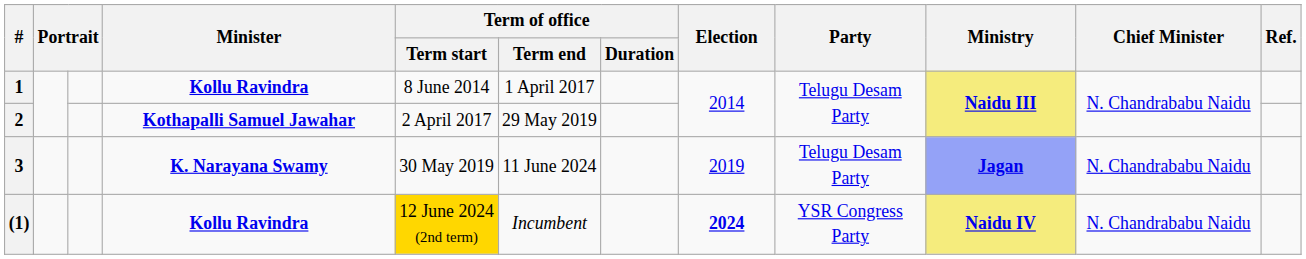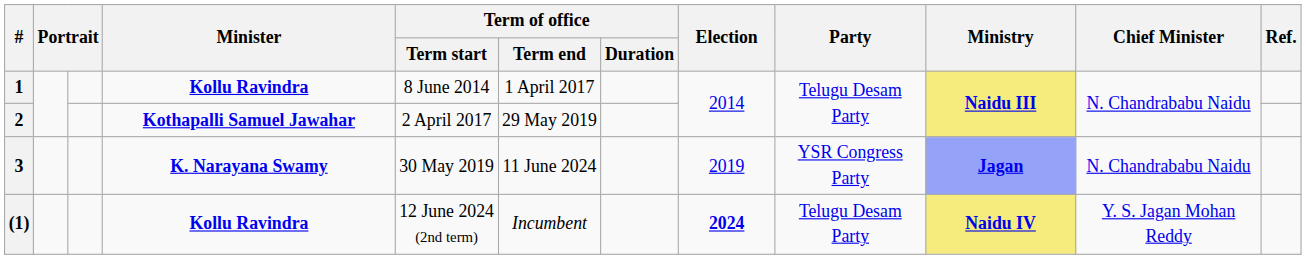 <table class="wikitable" style="line-height:1.4em; text-align:center">
 <tr>
 <th rowspan=2>#</th>
 <th rowspan=2 colspan="2">Portrait</th>
 <th rowspan=2 style="width:16em">Minister<br></th>
 <th colspan="3">Term of office</th>
 <th rowspan=2 style="width:5em">Election<br></th>
 <th rowspan=2 style="width:8em">Party</th>
 <th rowspan=2 style="width:8em">Ministry</th>
 <th rowspan=2 style="width:10em">Chief Minister</th>
 <th rowspan=2>Ref.</th>
 </tr>
 <tr>
 <th>Term start</th>
 <th>Term end</th>
 <th>Duration</th>
 </tr>
 <tr>
 <th>1</th>
 <td rowspan=2></td>
 <td></td>
 <td><strong><a href='#'>Kollu Ravindra</a></strong><br></td>
 <td>8 June 2014</td>
 <td>1 April 2017</td>
 <td><strong></strong></td>
 <td rowspan=2><a href='#'>2014</a><br></td>
 <td rowspan=2><a href='#'>Telugu Desam Party</a></td>
 <td rowspan=2 bgcolor="#F5EC7D"><strong><a href='#'>Naidu III</a></strong></td>
 <td rowspan=2><a href='#'>N. Chandrababu Naidu</a></td>
 <td></td>
 </tr>
 <tr>
 <th>2</th>
 <td></td>
 <td><strong><a href='#'>Kothapalli Samuel Jawahar</a></strong><br></td>
 <td>2 April 2017</td>
 <td>29 May 2019</td>
 <td><strong></strong></td>
 <td></td>
 </tr>
 <tr>
 <th>3</th>
 <td></td>
 <td></td>
 <td><strong><a href='#'>K. Narayana Swamy</a></strong><br></td>
 <td>30 May 2019</td>
 <td>11 June 2024</td>
 <td><strong></strong></td>
 <td><a href='#'>2019</a><br></td>
-<td><a href='#'>Telugu Desam Party</a></td>
+<td><a href='#'>YSR Congress Party</a></td>
 <td bgcolor="#94A2F7"><strong><a href='#'>Jagan</a></strong></td>
 <td><a href='#'>N. Chandrababu Naidu</a></td>
 <td></td>
 </tr>
 <tr>
 <th>(1)</th>
 <td></td>
 <td></td>
 <td><strong><a href='#'>Kollu Ravindra</a></strong><br></td>
-<td style="background: gold;">12 June 2024<br><small>(2nd term)</small></td>
+<td>12 June 2024<br><small>(2nd term)</small></td>
 <td><em>Incumbent</em></td>
 <td><strong></strong></td>
 <td><strong><a href='#'>2024</a><br></strong></td>
-<td><a href='#'>YSR Congress Party</a></td>
+<td><a href='#'>Telugu Desam Party</a></td>
 <td bgcolor="#F5EC7D"><strong><a href='#'>Naidu IV</a></strong></td>
-<td><a href='#'>N. Chandrababu Naidu</a></td>
+<td><a href='#'>Y. S. Jagan Mohan Reddy</a></td>
 <td></td>
 </tr>
 </table>
